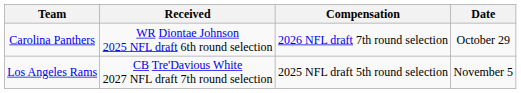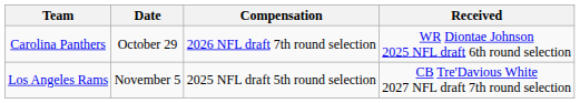 <table class="wikitable" style="text-align:center">
 <tr>
 <th>Team</th>
+<th>Date</th>
+<th>Compensation</th>
 <th>Received</th>
-<th>Compensation</th>
-<th>Date</th>
 </tr>
 <tr>
 <td><a href='#'>Carolina Panthers</a></td>
+<td>October 29</td>
+<td><a href='#'>2026 NFL draft</a> 7th round selection</td>
 <td><a href='#'>WR</a> <a href='#'>Diontae Johnson</a> <br> <a href='#'>2025 NFL draft</a> 6th round selection</td>
-<td><a href='#'>2026 NFL draft</a> 7th round selection</td>
-<td>October 29</td>
 </tr>
 <tr>
 <td><a href='#'>Los Angeles Rams</a></td>
+<td>November 5</td>
+<td>2025 NFL draft 5th round selection</td>
 <td><a href='#'>CB</a> <a href='#'>Tre'Davious White</a> <br> 2027 NFL draft 7th round selection</td>
-<td>2025 NFL draft 5th round selection</td>
-<td>November 5</td>
 </tr>
 </table>
